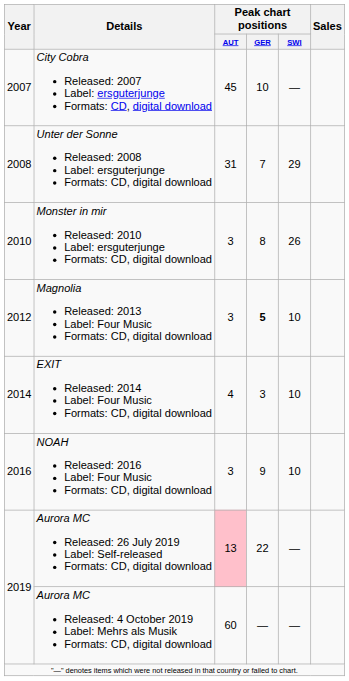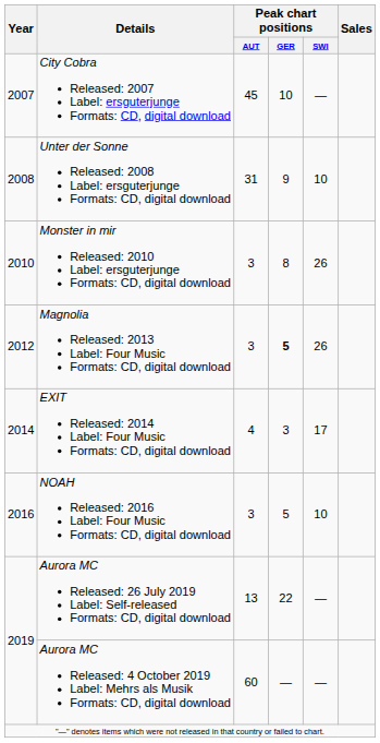 <table class="wikitable" style="text-align:center;">
 <tr>
 <th rowspan="2">Year</th>
 <th rowspan="2">Details</th>
 <th colspan="3">Peak chart positions</th>
 <th rowspan="2">Sales</th>
 </tr>
 <tr style="font-size:smaller;">
 <th style="width:40px;"><small><a href='#'>AUT</a></small><br></th>
 <th style="width:40px;"><small><a href='#'>GER</a></small><br></th>
 <th style="width:40px;"><small><a href='#'>SWI</a></small></th>
 </tr>
 <tr>
 <td>2007</td>
 <td align="left"><em>City Cobra</em><br><ul><li>Released: 2007</li><li>Label: <a href='#'>ersguterjunge</a></li><li>Formats: <a href='#'>CD</a>, <a href='#'>digital download</a></li></ul></td>
 <td style="text-align:center;">45</td>
 <td style="text-align:center;">10</td>
 <td style="text-align:center;">—</td>
 <td></td>
 </tr>
 <tr>
 <td>2008</td>
 <td align="left"><em>Unter der Sonne</em><br><ul><li>Released: 2008</li><li>Label: ersguterjunge</li><li>Formats: CD, digital download</li></ul></td>
 <td style="text-align:center;">31</td>
-<td style="text-align:center;">7</td>
-<td style="text-align:center;">29</td>
+<td style="text-align:center;">9</td>
+<td style="text-align:center;">10</td>
 <td></td>
 </tr>
 <tr>
 <td>2010</td>
 <td align="left"><em>Monster in mir</em><br><ul><li>Released: 2010</li><li>Label: ersguterjunge</li><li>Formats: CD, digital download</li></ul></td>
 <td style="text-align:center;">3</td>
 <td style="text-align:center;">8</td>
 <td style="text-align:center;">26</td>
 <td></td>
 </tr>
 <tr>
 <td>2012</td>
 <td align="left"><em>Magnolia</em><br><ul><li>Released: 2013</li><li>Label: Four Music</li><li>Formats: CD, digital download</li></ul></td>
 <td style="text-align:center;">3</td>
 <td style="text-align:center;"><strong>5</strong></td>
-<td style="text-align:center;">10</td>
+<td style="text-align:center;">26</td>
 <td></td>
 </tr>
 <tr>
 <td>2014</td>
 <td align="left"><em>EXIT</em><br><ul><li>Released: 2014</li><li>Label: Four Music</li><li>Formats: CD, digital download</li></ul></td>
 <td style="text-align:center;">4</td>
 <td style="text-align:center;">3</td>
-<td style="text-align:center;">10</td>
+<td style="text-align:center;">17</td>
 <td></td>
 </tr>
 <tr>
 <td>2016</td>
 <td align="left"><em>NOAH</em><br><ul><li>Released: 2016</li><li>Label: Four Music</li><li>Formats: CD, digital download</li></ul></td>
 <td style="text-align:center;">3</td>
-<td style="text-align:center;">9</td>
+<td style="text-align:center;">5</td>
 <td style="text-align:center;">10</td>
 <td></td>
 </tr>
 <tr>
 <td rowspan="2">2019</td>
 <td align="left"><em>Aurora MC</em><br><ul><li>Released: 26 July 2019</li><li>Label: Self-released</li><li>Formats: CD, digital download</li></ul></td>
-<td style="background: pink; text-align:center;">13</td>
+<td style="text-align:center;">13</td>
 <td style="text-align:center;">22</td>
 <td style="text-align:center;">—</td>
 <td></td>
 </tr>
 <tr>
 <td align="left"><em>Aurora MC</em><br><ul><li>Released: 4 October 2019</li><li>Label: Mehrs als Musik</li><li>Formats: CD, digital download</li></ul></td>
 <td style="text-align:center;">60</td>
 <td style="text-align:center;">—</td>
 <td style="text-align:center;">—</td>
 <td></td>
 </tr>
 <tr>
 <td colspan="15" style="text-align:center; font-size:8pt;">"—" denotes items which were not released in that country or failed to chart.</td>
 </tr>
 </table>
